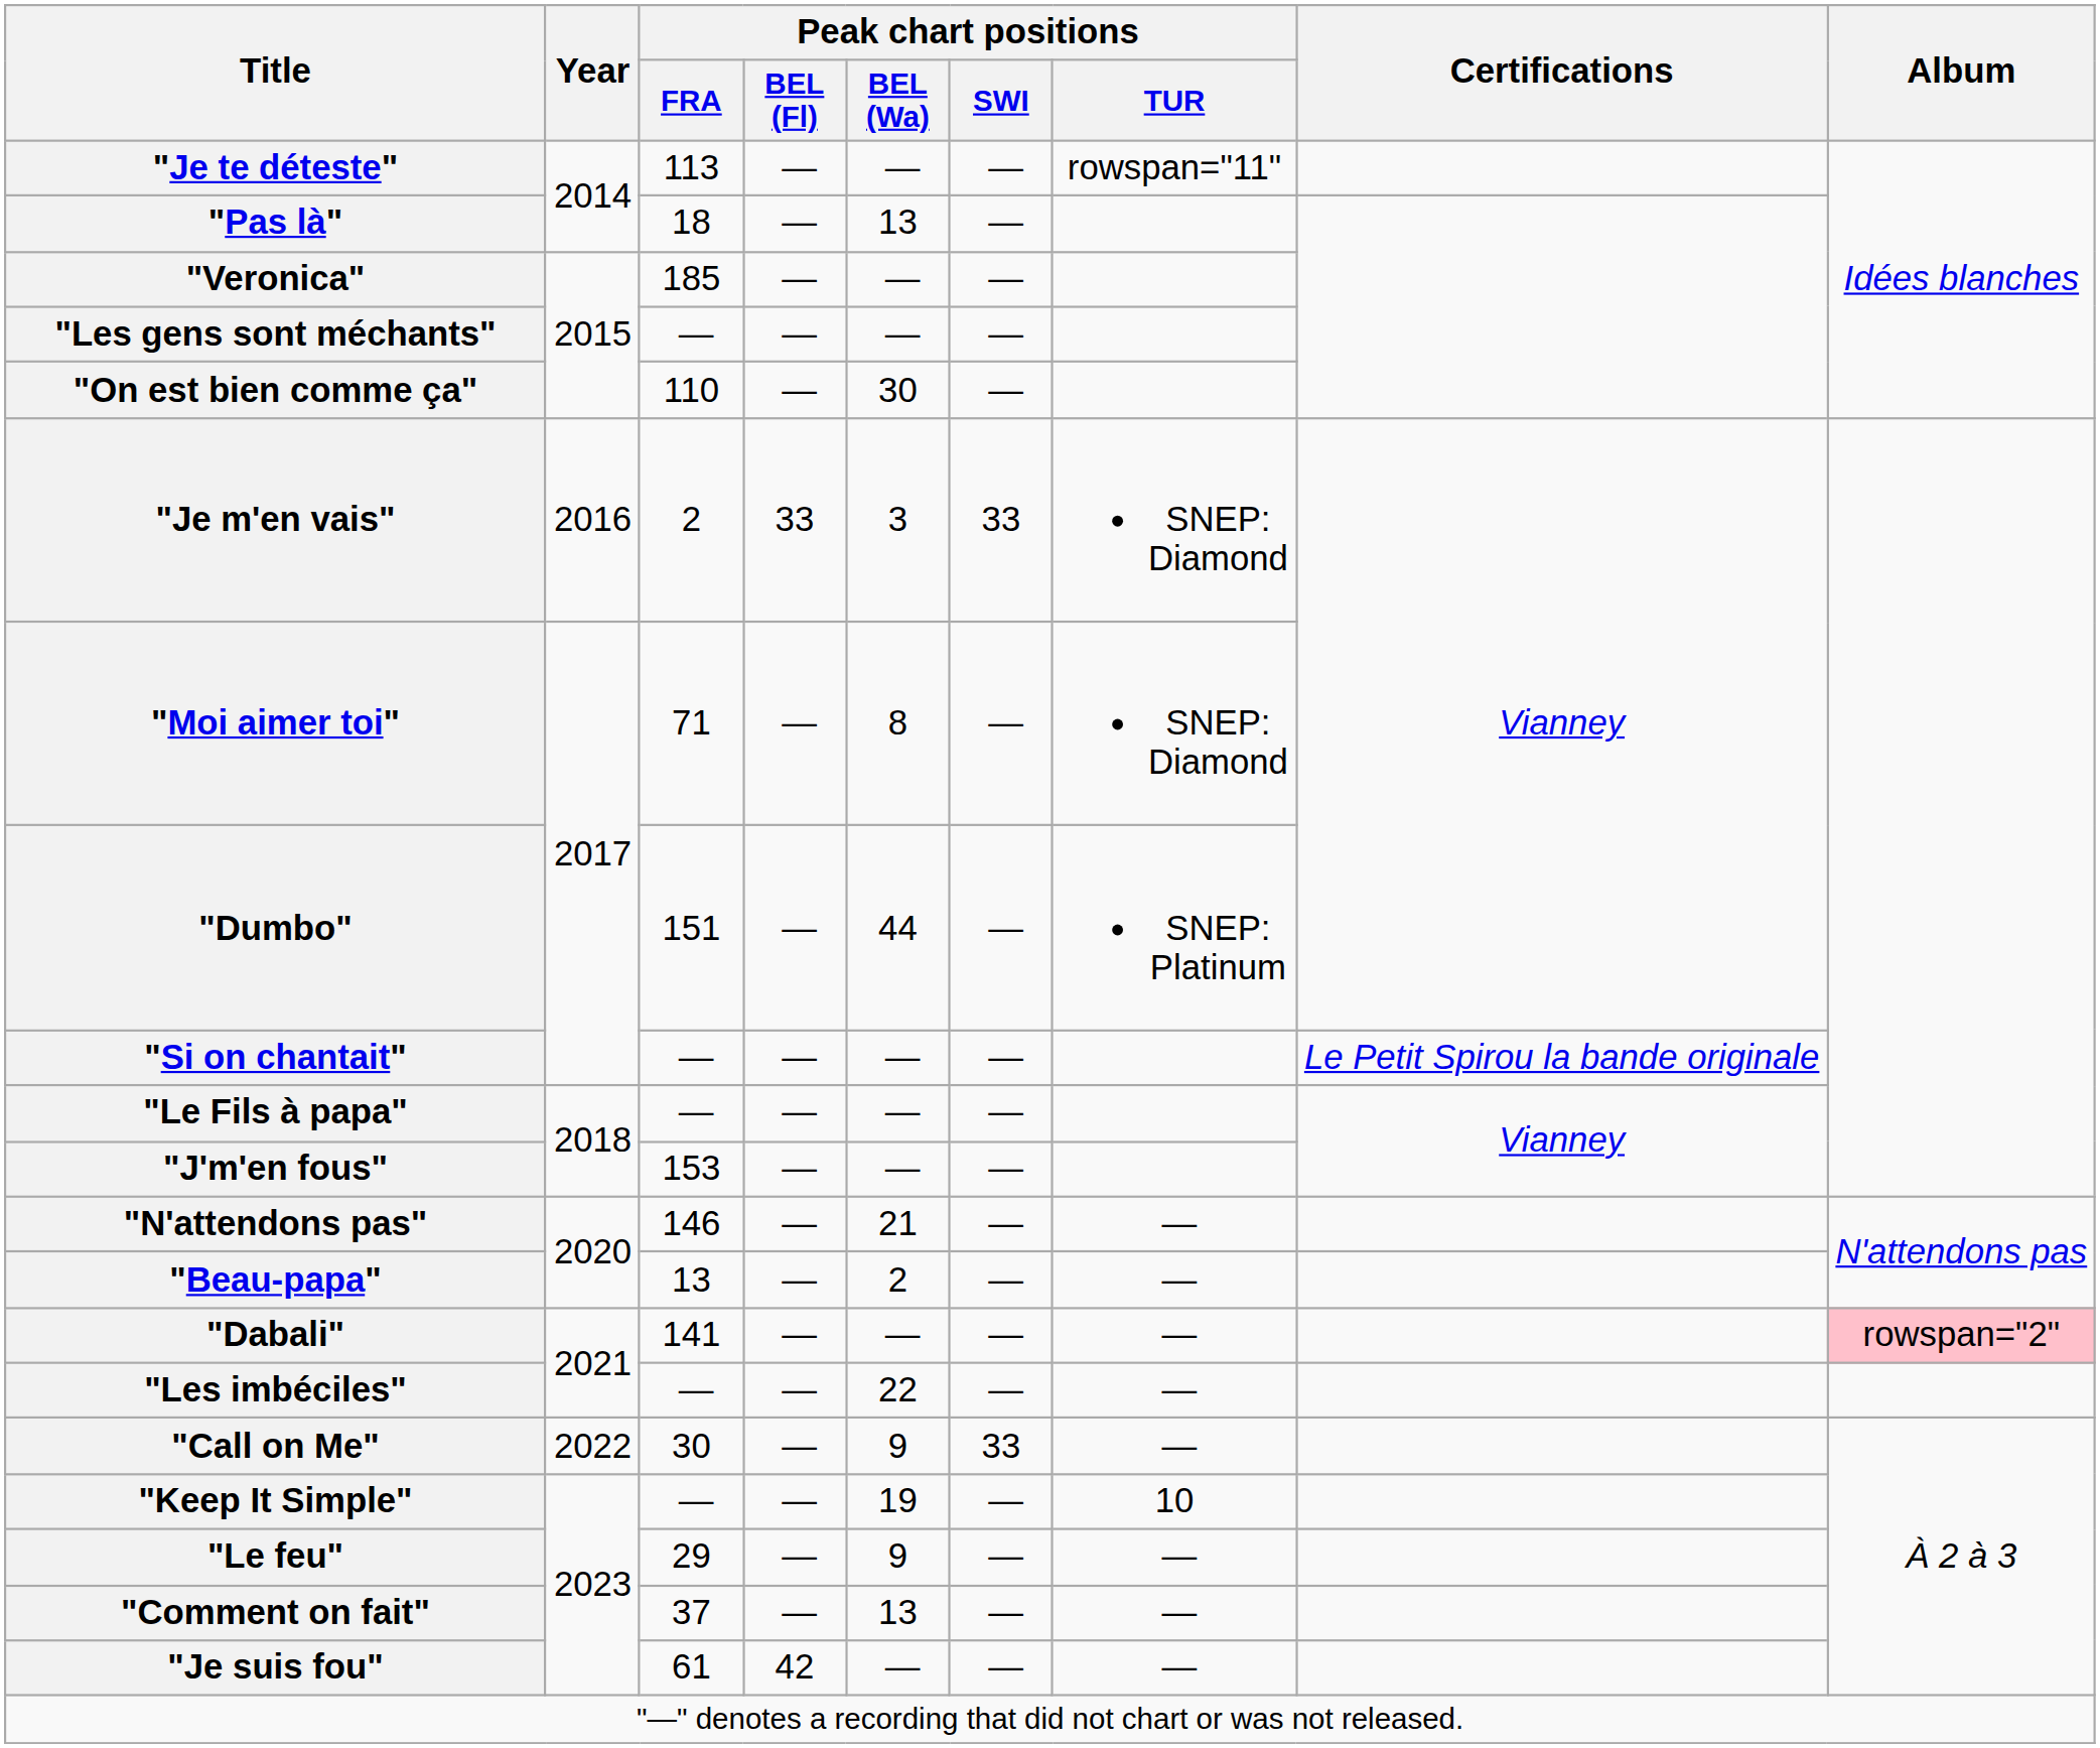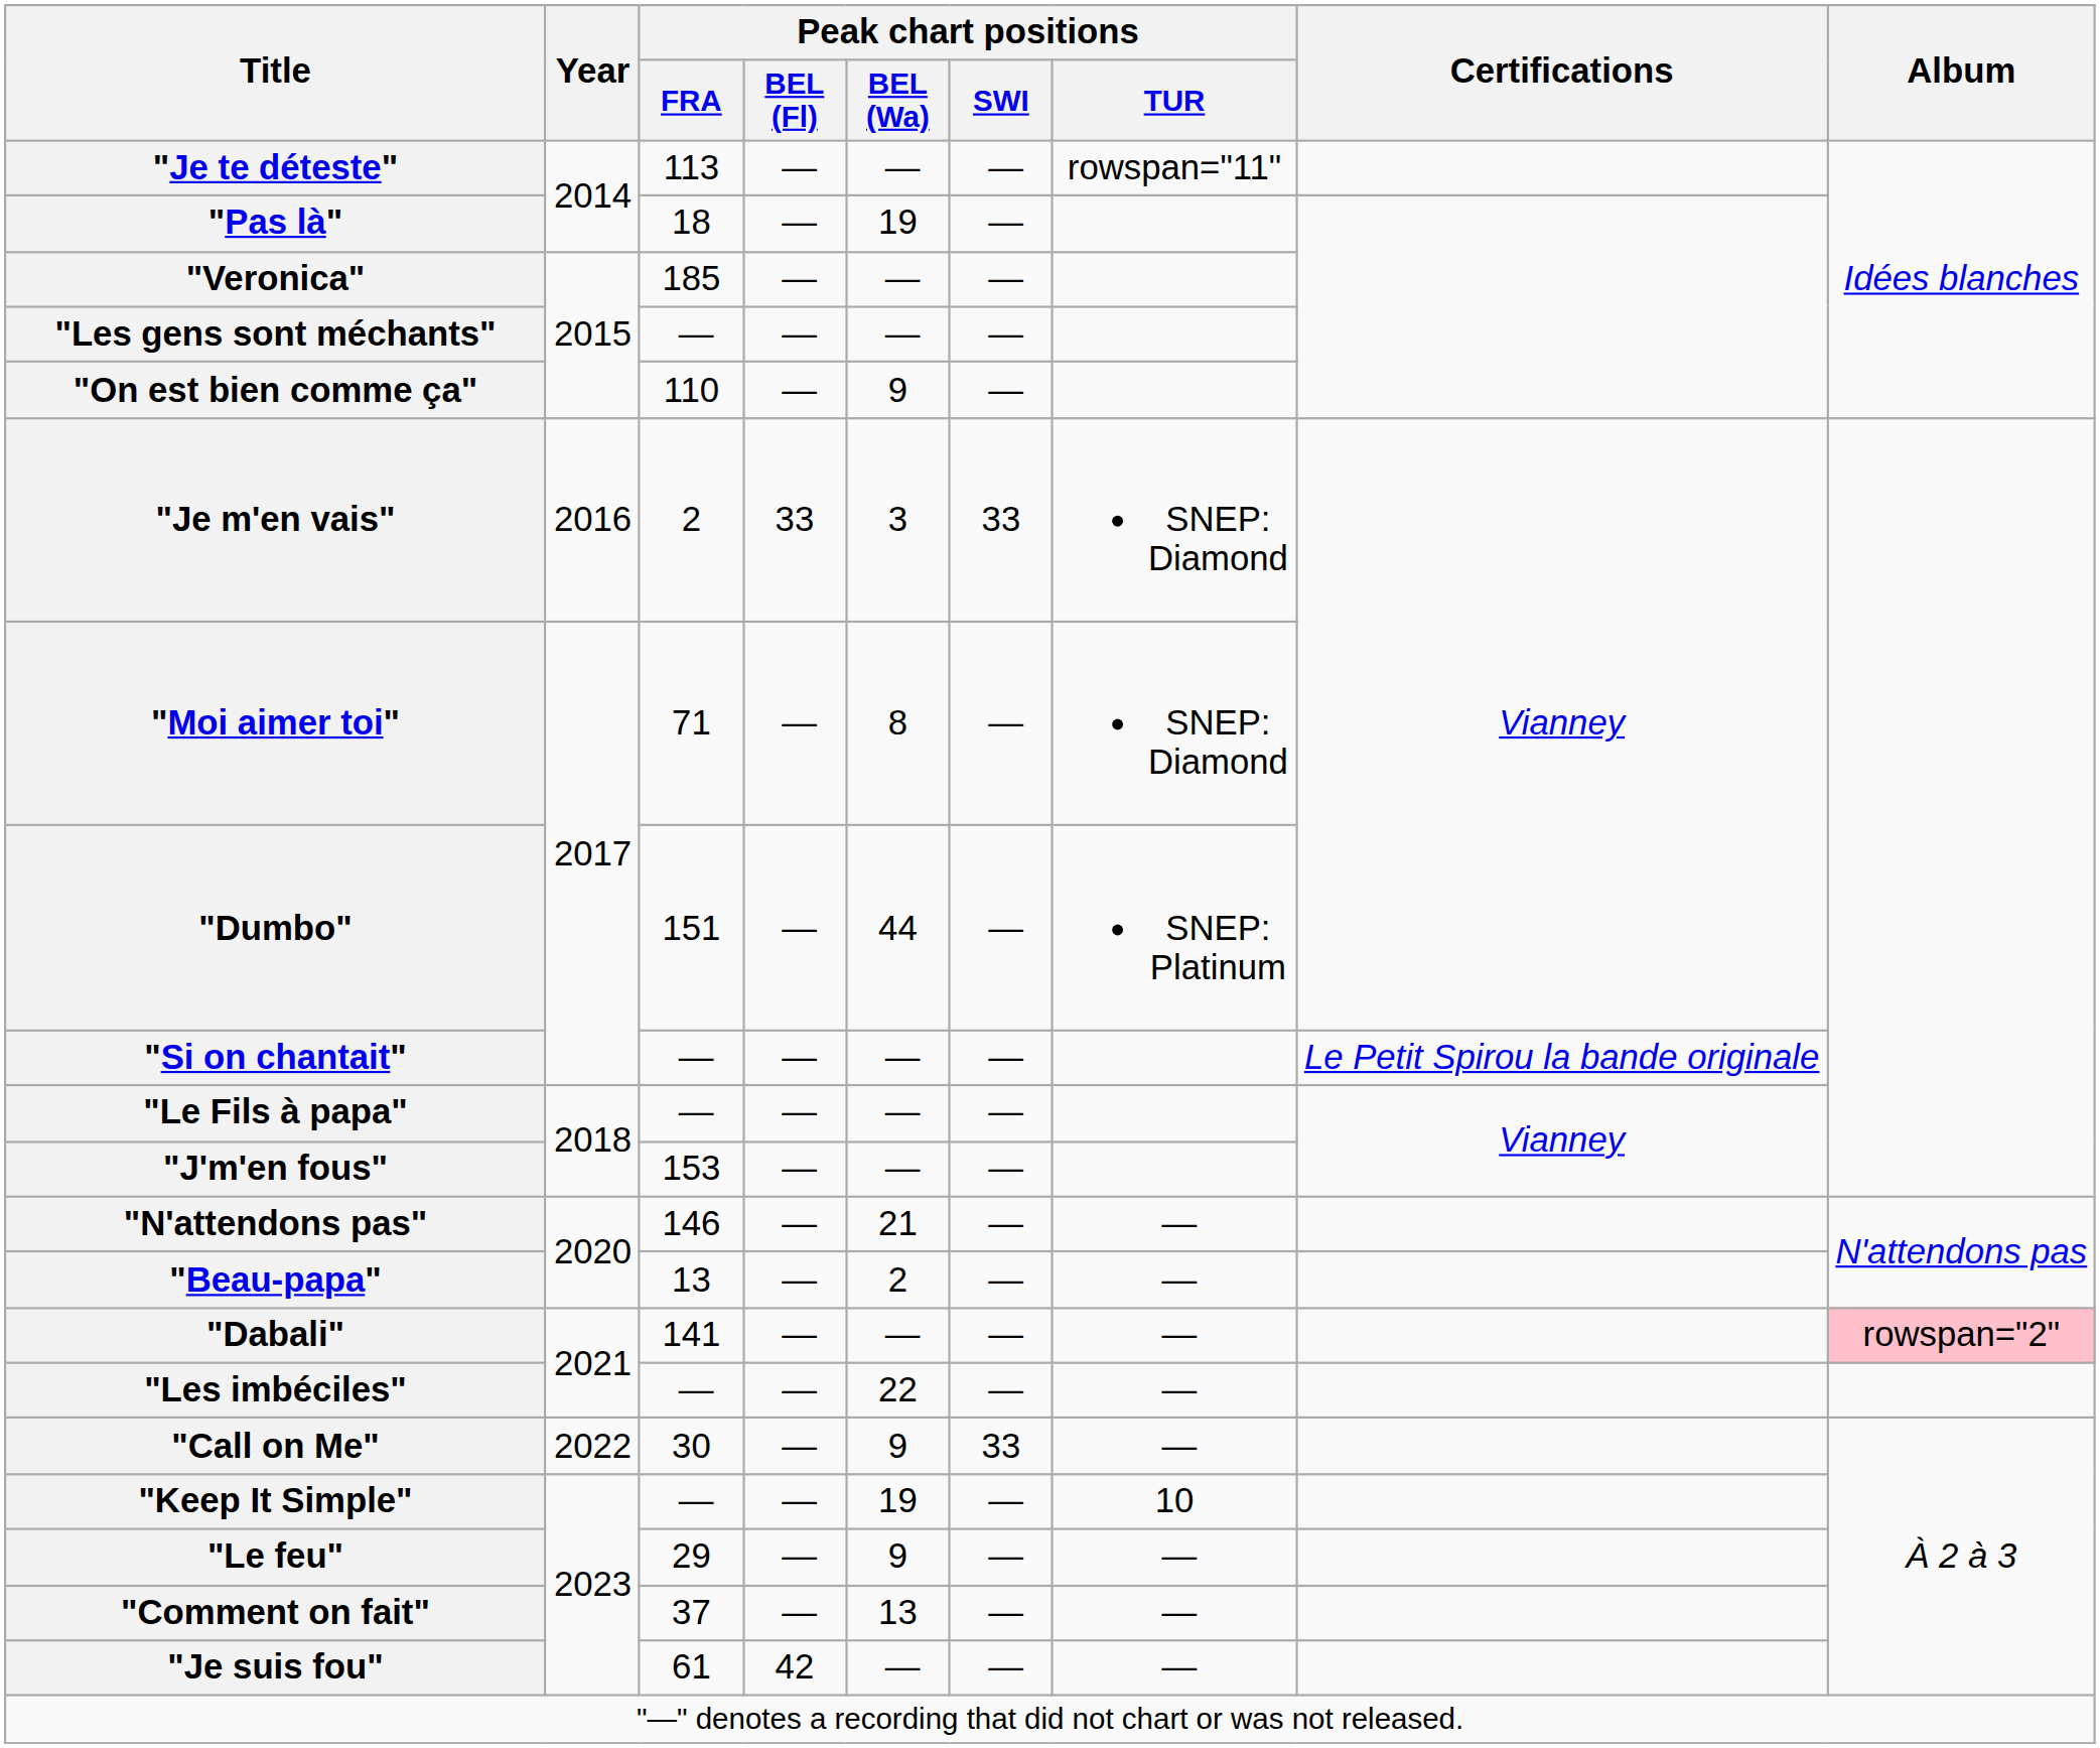 <table class="wikitable plainrowheaders" style="text-align:center;">
 <tr>
 <th scope="col" rowspan="2" style="width:15em;">Title</th>
 <th scope="col" rowspan="2" style="width:1em;">Year</th>
 <th scope="col" colspan="5">Peak chart positions</th>
 <th scope="col" rowspan="2">Certifications</th>
 <th scope="col" rowspan="2">Album</th>
 </tr>
 <tr>
 <th scope="col" style="width:3em;font-size:85%;"><a href='#'>FRA</a><br></th>
 <th scope="col" style="width:3em;font-size:85%;"><a href='#'>BEL<br>(Fl)</a><br></th>
 <th scope="col" style="width:3em;font-size:85%;"><a href='#'>BEL<br>(Wa)</a><br></th>
 <th scope="col" style="width:3em;font-size:85%;"><a href='#'>SWI</a><br></th>
 <th scope="col" style="width:3em;font-size:85%;"><a href='#'>TUR</a><br></th>
 </tr>
 <tr>
 <th scope="row">"<a href='#'>Je te déteste</a>"</th>
 <td rowspan="2">2014</td>
 <td>113</td>
 <td> —</td>
 <td> —</td>
 <td> —</td>
 <td>rowspan="11" </td>
 <td></td>
 <td rowspan="5"><em><a href='#'>Idées blanches</a></em></td>
 </tr>
 <tr>
 <th scope="row">"<a href='#'>Pas là</a>"</th>
 <td>18</td>
 <td> —</td>
-<td>13</td>
+<td>19</td>
 <td> —</td>
 <td></td>
 </tr>
 <tr>
 <th scope="row">"Veronica"</th>
 <td rowspan="3">2015</td>
 <td>185</td>
 <td> —</td>
 <td> —</td>
 <td> —</td>
 <td></td>
 </tr>
 <tr>
 <th scope="row">"Les gens sont méchants"</th>
 <td> —</td>
 <td> —</td>
 <td> —</td>
 <td> —</td>
 <td></td>
 </tr>
 <tr>
 <th scope="row">"On est bien comme ça"</th>
 <td>110</td>
 <td> —</td>
-<td>30</td>
+<td>9</td>
 <td> —</td>
 <td></td>
 </tr>
 <tr>
 <th scope="row">"Je m'en vais"</th>
 <td>2016</td>
 <td>2</td>
 <td>33</td>
 <td>3</td>
 <td>33</td>
 <td><br><ul><li>SNEP: Diamond</li></ul></td>
 <td rowspan="3"><em><a href='#'>Vianney</a></em></td>
 </tr>
 <tr>
 <th scope="row">"<a href='#'>Moi aimer toi</a>"</th>
 <td rowspan="3">2017</td>
 <td>71</td>
 <td> —</td>
 <td>8</td>
 <td> —</td>
 <td><br><ul><li>SNEP: Diamond</li></ul></td>
 </tr>
 <tr>
 <th scope="row">"Dumbo"</th>
 <td>151</td>
 <td> —</td>
 <td>44</td>
 <td> —</td>
 <td><br><ul><li>SNEP: Platinum</li></ul></td>
 </tr>
 <tr>
 <th scope="row">"<a href='#'>Si on chantait</a>"</th>
 <td> —</td>
 <td> —</td>
 <td> —</td>
 <td> —</td>
 <td></td>
 <td><em><a href='#'>Le Petit Spirou la bande originale</a></em></td>
 </tr>
 <tr>
 <th scope="row">"Le Fils à papa"</th>
 <td rowspan="2">2018</td>
 <td> —</td>
 <td> —</td>
 <td> —</td>
 <td> —</td>
 <td></td>
 <td rowspan="2"><em><a href='#'>Vianney</a></em></td>
 </tr>
 <tr>
 <th scope="row">"J'm'en fous"</th>
 <td>153</td>
 <td> —</td>
 <td> —</td>
 <td> —</td>
 <td></td>
 </tr>
 <tr>
 <th scope="row">"N'attendons pas"</th>
 <td rowspan="2">2020</td>
 <td>146</td>
 <td> —</td>
 <td>21</td>
 <td> —</td>
 <td> —</td>
 <td></td>
 <td rowspan="2"><em><a href='#'>N'attendons pas</a></em></td>
 </tr>
 <tr>
 <th scope="row">"<a href='#'>Beau-papa</a>"</th>
 <td>13</td>
 <td> —</td>
 <td>2</td>
 <td> —</td>
 <td> —</td>
 <td></td>
 </tr>
 <tr>
 <th scope="row">"Dabali"</th>
 <td rowspan="2">2021</td>
 <td>141</td>
 <td> —</td>
 <td> —</td>
 <td> —</td>
 <td> —</td>
 <td></td>
 <td style="background: pink;">rowspan="2" </td>
 </tr>
 <tr>
 <th scope="row">"Les imbéciles"</th>
 <td> —</td>
 <td> —</td>
 <td>22</td>
 <td> —</td>
 <td> —</td>
 <td></td>
 </tr>
 <tr>
 <th scope="row">"Call on Me"<br></th>
 <td>2022</td>
 <td>30</td>
 <td> —</td>
 <td>9</td>
 <td>33</td>
 <td> —</td>
 <td></td>
 <td rowspan="5"><em>À 2 à 3</em></td>
 </tr>
 <tr>
 <th scope="row">"Keep It Simple"<br></th>
 <td rowspan="4">2023</td>
 <td> —</td>
 <td> —</td>
 <td>19</td>
 <td> —</td>
 <td>10</td>
 <td></td>
 </tr>
 <tr>
 <th scope="row">"Le feu"<br></th>
 <td>29</td>
 <td> —</td>
 <td>9</td>
 <td> —</td>
 <td> —</td>
 <td></td>
 </tr>
 <tr>
 <th scope="row">"Comment on fait"<br></th>
 <td>37</td>
 <td> —</td>
 <td>13</td>
 <td> —</td>
 <td> —</td>
 <td></td>
 </tr>
 <tr>
 <th scope="row">"Je suis fou"<br></th>
 <td>61</td>
 <td>42</td>
 <td> —</td>
 <td> —</td>
 <td> —</td>
 <td></td>
 </tr>
 <tr>
 <td style="font-size:85%;" colspan="9">"—" denotes a recording that did not chart or was not released.</td>
 </tr>
 </table>
